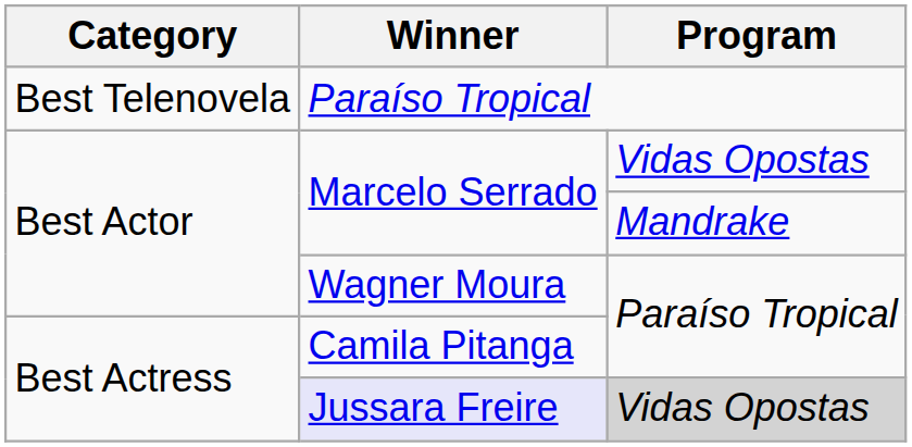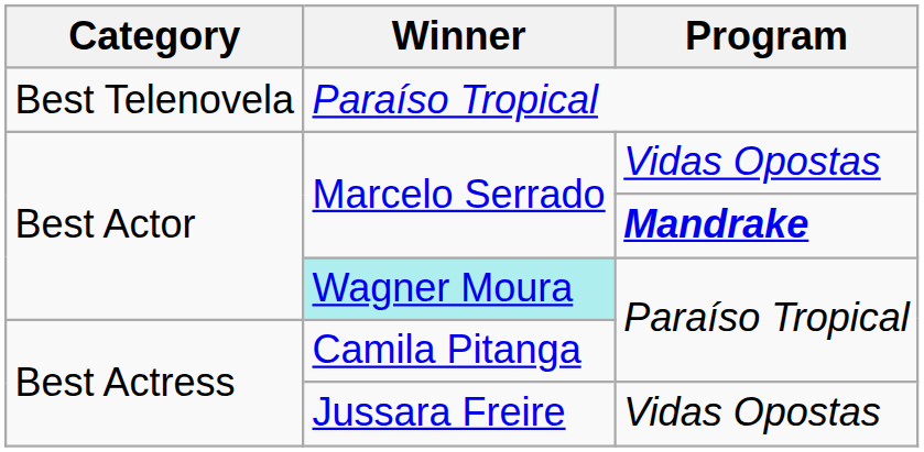 <table class="wikitable">
 <tr>
 <th>Category</th>
 <th>Winner</th>
 <th>Program</th>
 </tr>
 <tr>
 <td>Best Telenovela</td>
 <td colspan="2"><em><a href='#'>Paraíso Tropical</a></em></td>
 </tr>
 <tr>
 <td rowspan="3">Best Actor</td>
 <td rowspan="2"><a href='#'>Marcelo Serrado</a></td>
 <td><em><a href='#'>Vidas Opostas</a></em></td>
 </tr>
 <tr>
-<td><em><a href='#'>Mandrake</a></em></td>
+<td><strong><em><a href='#'>Mandrake</a></em></strong></td>
 </tr>
 <tr>
-<td><a href='#'>Wagner Moura</a></td>
+<td style="background: paleturquoise;"><a href='#'>Wagner Moura</a></td>
 <td rowspan="2"><em>Paraíso Tropical</em></td>
 </tr>
 <tr>
 <td rowspan="2">Best Actress</td>
 <td><a href='#'>Camila Pitanga</a></td>
 </tr>
 <tr>
-<td style="background: lavender;"><a href='#'>Jussara Freire</a></td>
-<td style="background: lightgrey;"><em>Vidas Opostas</em></td>
+<td><a href='#'>Jussara Freire</a></td>
+<td><em>Vidas Opostas</em></td>
 </tr>
 </table>
